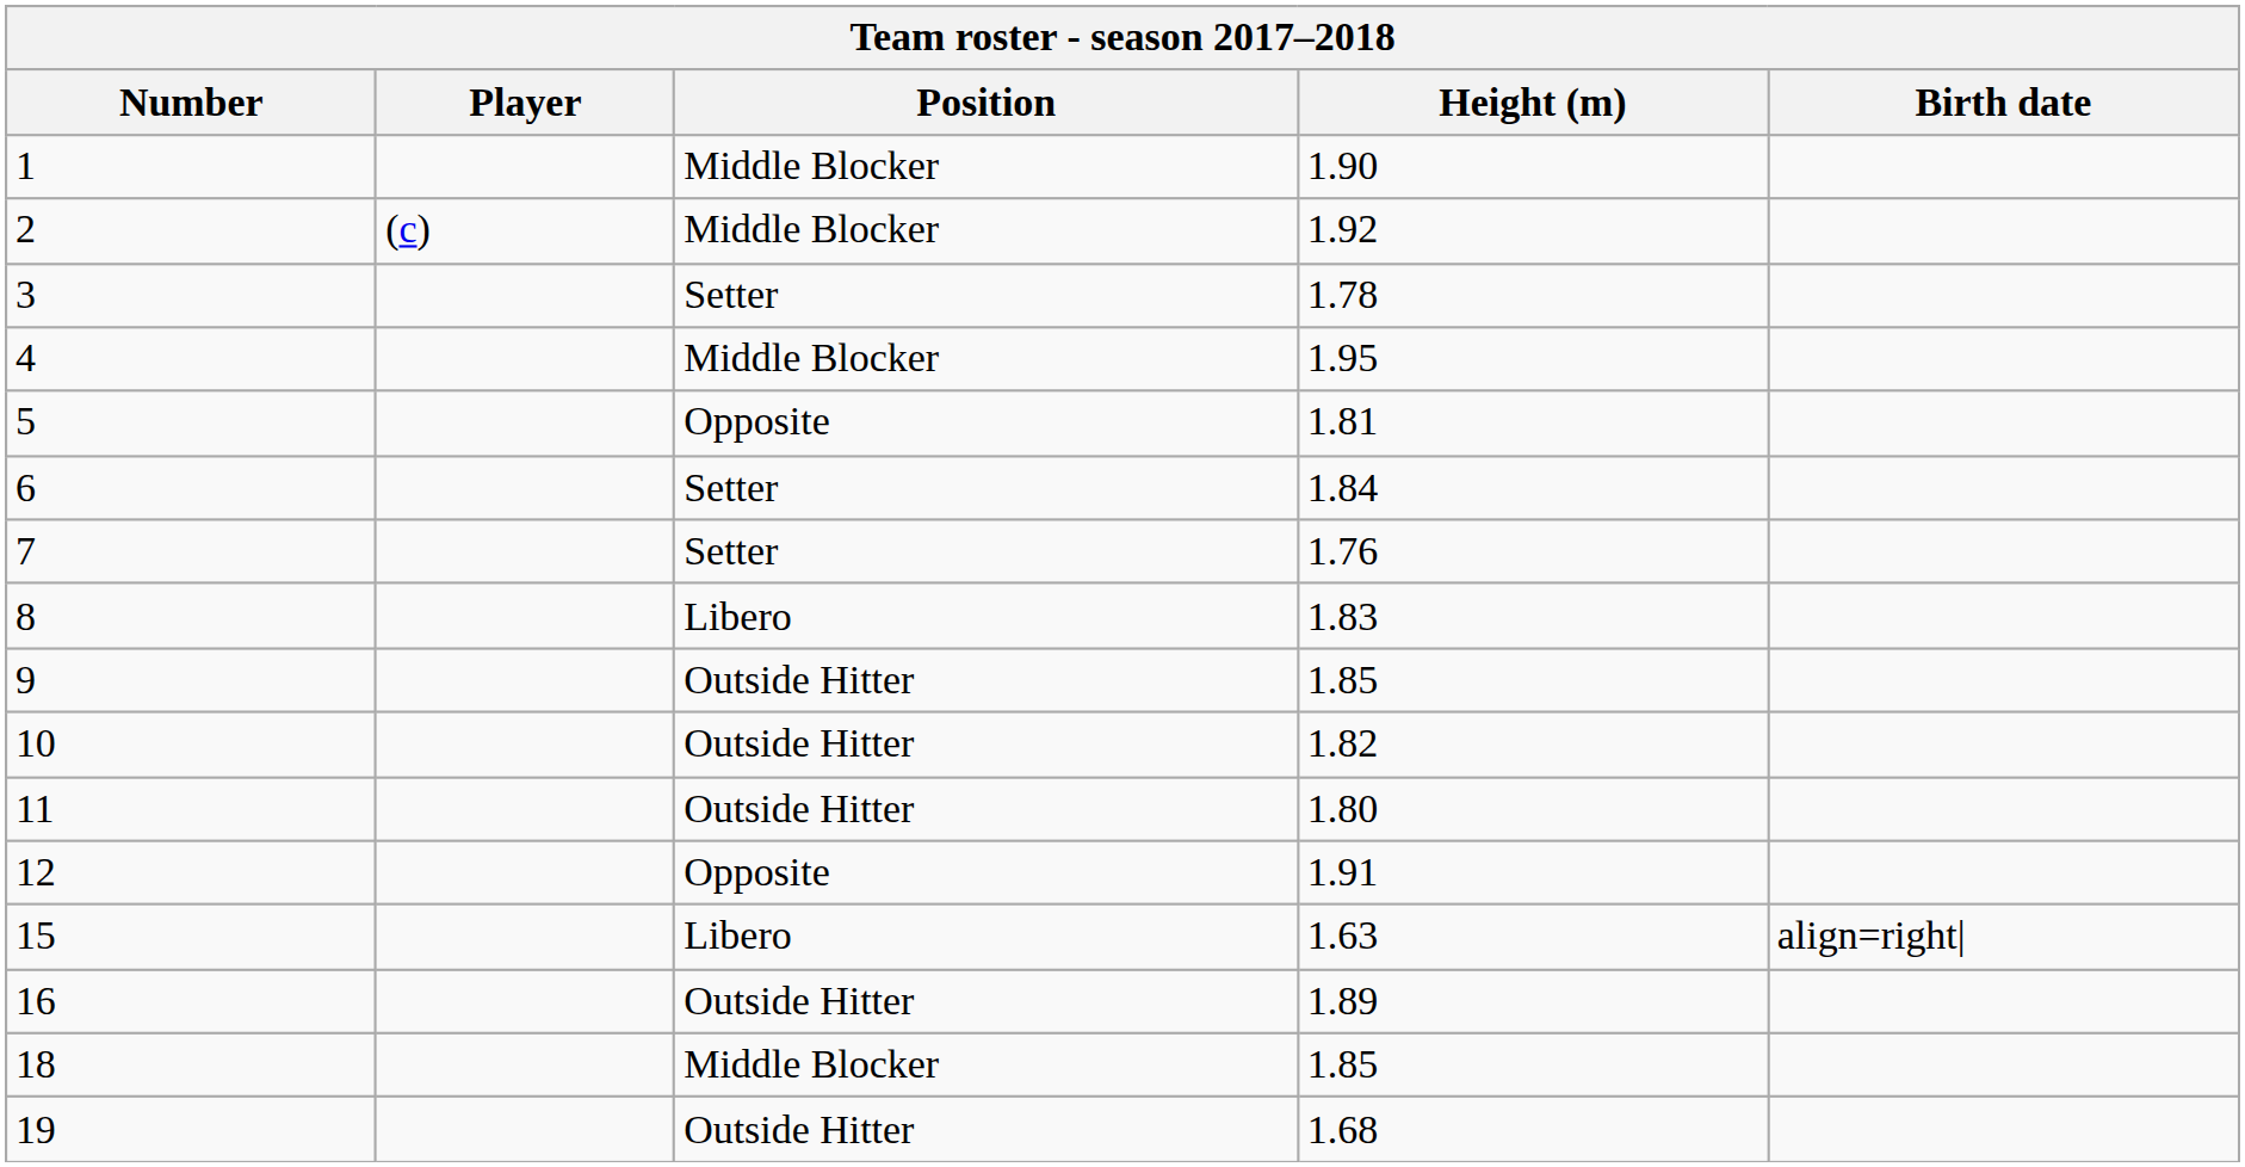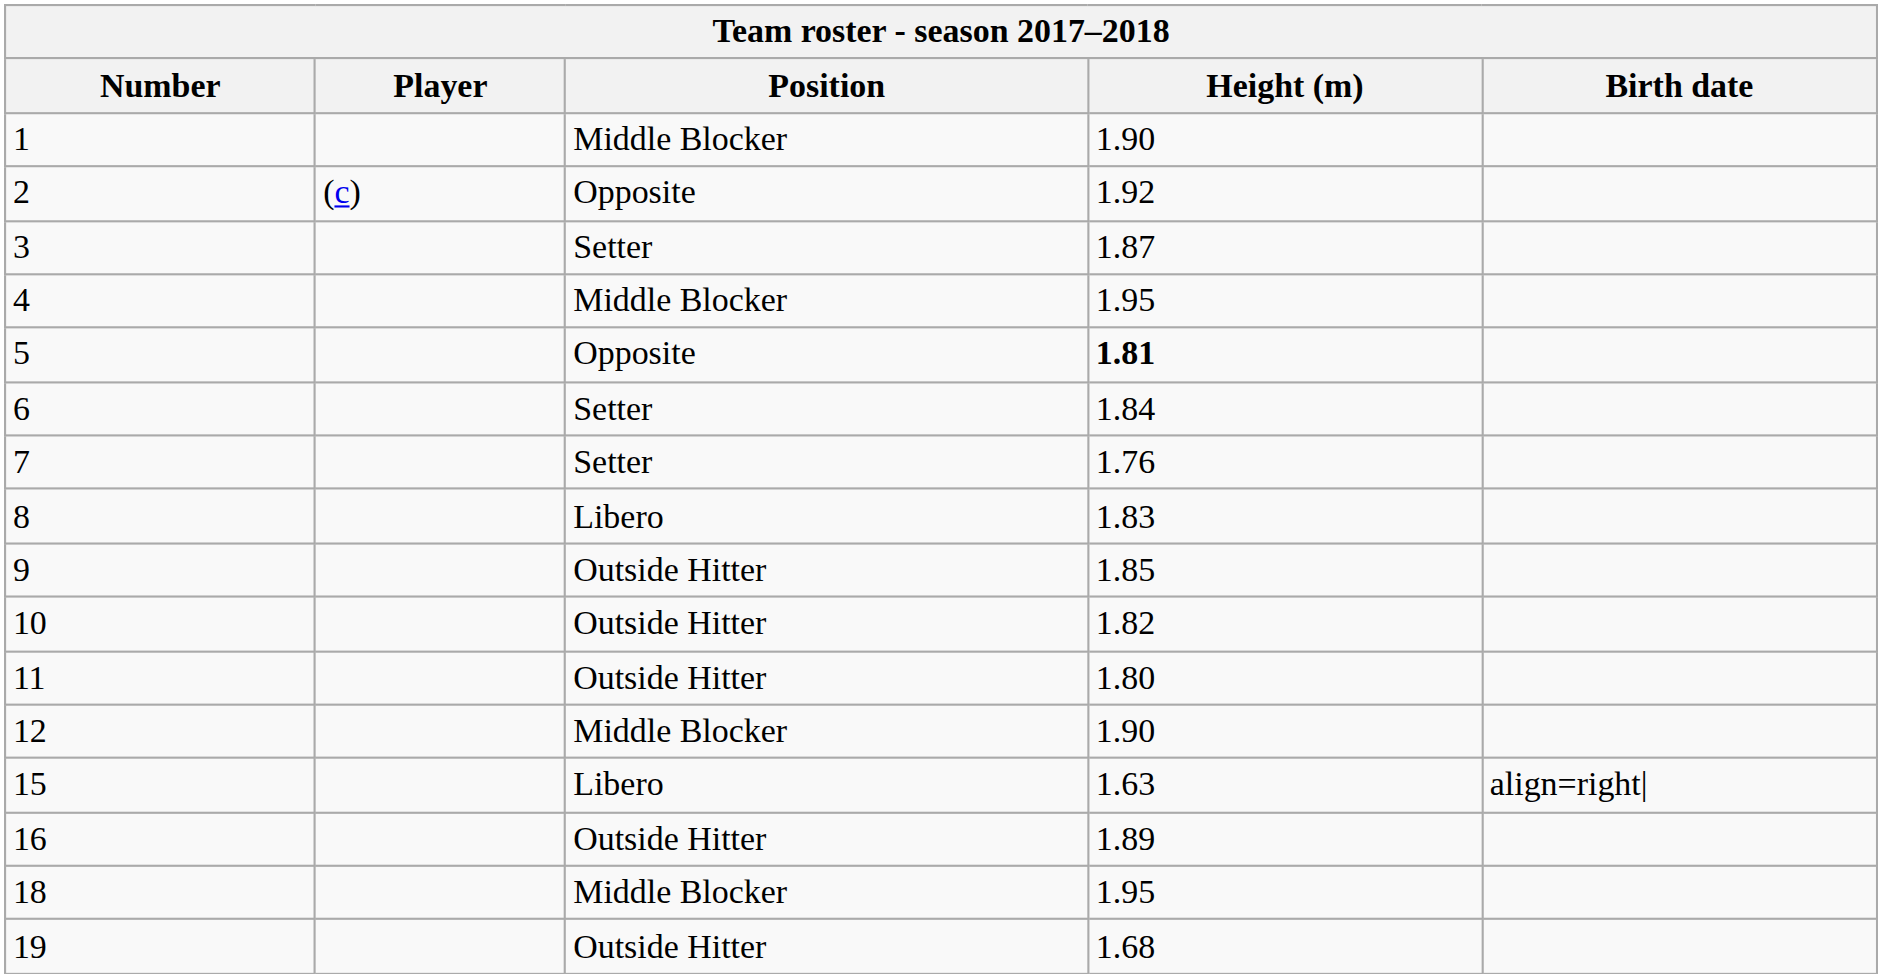 <table class="wikitable collapsible collapsed" style="width:100%;">
 <tr>
 <th colspan=6><strong>Team roster - season 2017–2018</strong></th>
 </tr>
 <tr>
 <th>Number</th>
 <th>Player</th>
 <th>Position</th>
 <th>Height (m)</th>
 <th>Birth date</th>
 </tr>
 <tr>
 <td>1</td>
 <td align=left> </td>
 <td>Middle Blocker</td>
 <td>1.90</td>
 <td align=right></td>
 </tr>
 <tr>
 <td>2</td>
 <td align=left>  (<a href='#'>c</a>)</td>
-<td>Middle Blocker</td>
+<td>Opposite</td>
 <td>1.92</td>
 <td align=right></td>
 </tr>
 <tr>
 <td>3</td>
 <td align=left> </td>
 <td>Setter</td>
-<td>1.78</td>
+<td>1.87</td>
 <td align=right></td>
 </tr>
 <tr>
 <td>4</td>
 <td align=left> </td>
 <td>Middle Blocker</td>
 <td>1.95</td>
 <td align=right></td>
 </tr>
 <tr>
 <td>5</td>
 <td align=left> </td>
 <td>Opposite</td>
-<td>1.81</td>
+<td><strong>1.81</strong></td>
 <td align=right></td>
 </tr>
 <tr>
 <td>6</td>
 <td align=left> </td>
 <td>Setter</td>
 <td>1.84</td>
 <td align=right></td>
 </tr>
 <tr>
 <td>7</td>
 <td align=left> </td>
 <td>Setter</td>
 <td>1.76</td>
 <td align=right></td>
 </tr>
 <tr>
 <td>8</td>
 <td align=left> </td>
 <td>Libero</td>
 <td>1.83</td>
 <td align=right></td>
 </tr>
 <tr>
 <td>9</td>
 <td align=left> </td>
 <td>Outside Hitter</td>
 <td>1.85</td>
 <td align=right></td>
 </tr>
 <tr>
 <td>10</td>
 <td align=left> </td>
 <td>Outside Hitter</td>
 <td>1.82</td>
 <td align=right></td>
 </tr>
 <tr>
 <td>11</td>
 <td align=left> </td>
 <td>Outside Hitter</td>
 <td>1.80</td>
 <td align=right></td>
 </tr>
 <tr>
 <td>12</td>
 <td align=left> </td>
-<td>Opposite</td>
-<td>1.91</td>
+<td>Middle Blocker</td>
+<td>1.90</td>
 <td align=right></td>
 </tr>
 <tr>
 <td>15</td>
 <td align=left> </td>
 <td>Libero</td>
 <td>1.63</td>
 <td>align=right|</td>
 </tr>
 <tr>
 <td>16</td>
 <td align=left> </td>
 <td>Outside Hitter</td>
 <td>1.89</td>
 <td align=right></td>
 </tr>
 <tr>
 <td>18</td>
 <td align=left> </td>
 <td>Middle Blocker</td>
-<td>1.85</td>
+<td>1.95</td>
 <td align=right></td>
 </tr>
 <tr>
 <td>19</td>
 <td align=left> </td>
 <td>Outside Hitter</td>
 <td>1.68</td>
 <td align=right></td>
 </tr>
 </table>
